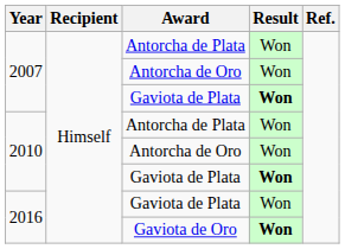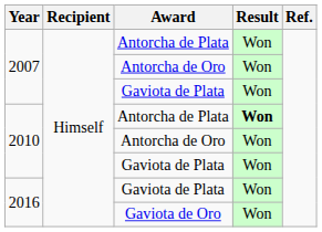 <table class="wikitable">
 <tr>
 <th align="center">Year</th>
 <th align="center">Recipient</th>
 <th align="center">Award</th>
 <th align="center">Result</th>
 <th align="center">Ref.</th>
 </tr>
 <tr>
 <td align="center" rowspan="3">2007</td>
 <td rowspan="8" align="center">Himself</td>
 <td align="center"><a href='#'>Antorcha de Plata</a></td>
 <td align="center" style="background-color: #CFC">Won</td>
 <td align="center" rowspan="8"></td>
 </tr>
 <tr>
 <td align="center"><a href='#'>Antorcha de Oro</a></td>
 <td align="center" style="background-color: #CFC">Won</td>
 </tr>
 <tr>
 <td align="center"><a href='#'>Gaviota de Plata</a></td>
-<td align="center" style="background-color: #CFC"><strong>Won</strong></td>
+<td align="center" style="background-color: #CFC">Won</td>
 </tr>
 <tr>
 <td align="center" rowspan="3">2010</td>
 <td align="center">Antorcha de Plata</td>
-<td align="center" style="background-color: #CFC">Won</td>
+<td align="center" style="background-color: #CFC"><strong>Won</strong></td>
 </tr>
 <tr>
 <td align="center">Antorcha de Oro</td>
 <td align="center" style="background-color: #CFC">Won</td>
 </tr>
 <tr>
 <td align="center">Gaviota de Plata</td>
-<td align="center" style="background-color: #CFC"><strong>Won</strong></td>
+<td align="center" style="background-color: #CFC">Won</td>
 </tr>
 <tr>
 <td align="center" rowspan="2">2016</td>
 <td align="center">Gaviota de Plata</td>
 <td align="center" style="background-color: #CFC">Won</td>
 </tr>
 <tr>
 <td align="center"><a href='#'>Gaviota de Oro</a></td>
-<td align="center" style="background-color: #CFC"><strong>Won</strong></td>
+<td align="center" style="background-color: #CFC">Won</td>
 </tr>
 </table>
